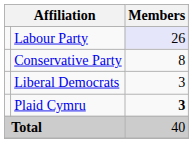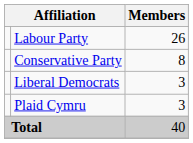 <table class="wikitable">
 <tr>
 <th colspan="2">Affiliation</th>
 <th>Members</th>
 </tr>
 <tr>
 <td style="color:inherit;background:"></td>
 <td><a href='#'>Labour Party</a></td>
-<td align="right" style="background: lavender;">26</td>
+<td align="right">26</td>
 </tr>
 <tr>
 <td style="color:inherit;background:"></td>
 <td><a href='#'>Conservative Party</a></td>
 <td align="right">8</td>
 </tr>
 <tr>
 <td style="color:inherit;background:"></td>
 <td><a href='#'>Liberal Democrats</a></td>
 <td align="right">3</td>
 </tr>
 <tr>
 <td style="color:inherit;background:"></td>
 <td><a href='#'>Plaid Cymru</a></td>
-<td align="right"><strong>3</strong></td>
+<td align="right">3</td>
 </tr>
 <tr bgcolor="CCCCCC">
 <td colspan="2" rowspan="1"> <strong>Total</strong></td>
 <td align="right">40</td>
 </tr>
 <tr>
 </tr>
 </table>
